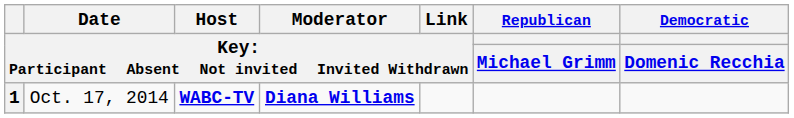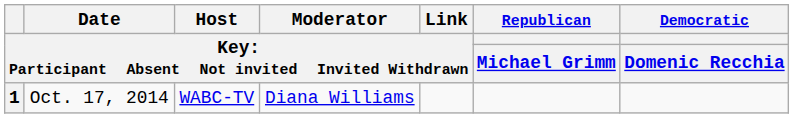 <table class="wikitable" style="text-align:center;">
 <tr>
 <th scope="col"></th>
 <th scope="col">Date</th>
 <th scope="col">Host</th>
 <th scope="col">Moderator</th>
 <th scope="col">Link</th>
 <th scope="col"><small><a href='#'>Republican</a></small></th>
 <th scope="col"><small><a href='#'>Democratic</a></small></th>
 </tr>
 <tr>
 <th colspan="5" rowspan="2">Key:<br> <small>Participant </small>  <small>Absent </small>  <small>Not invited </small>  <small>Invited  Withdrawn</small></th>
 <th scope="col" style="background:"></th>
 <th scope="col" style="background:"></th>
 </tr>
 <tr>
 <th scope="col"><a href='#'>Michael Grimm</a></th>
 <th scope="col"><a href='#'>Domenic Recchia</a></th>
 </tr>
 <tr>
 <th>1</th>
 <td style="white-space:nowrap;">Oct. 17, 2014</td>
-<td style="white-space:nowrap;"><strong><a href='#'>WABC-TV</a></strong></td>
-<td style="white-space:nowrap;"><strong><a href='#'>Diana Williams</a></strong></td>
+<td style="white-space:nowrap;"><a href='#'>WABC-TV</a></td>
+<td style="white-space:nowrap;"><a href='#'>Diana Williams</a></td>
 <td style="white-space:nowrap;"></td>
 <td></td>
 <td></td>
 </tr>
 </table>
